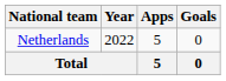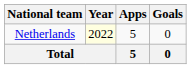 <table class="wikitable" style="text-align:center">
 <tr>
 <th>National team</th>
 <th>Year</th>
 <th>Apps</th>
 <th>Goals</th>
 </tr>
 <tr>
 <td><a href='#'>Netherlands</a></td>
-<td>2022</td>
+<td style="background: lightyellow;">2022</td>
 <td>5</td>
 <td>0</td>
 </tr>
 <tr>
 <th colspan="2">Total</th>
 <th>5</th>
 <th>0</th>
 </tr>
 </table>
